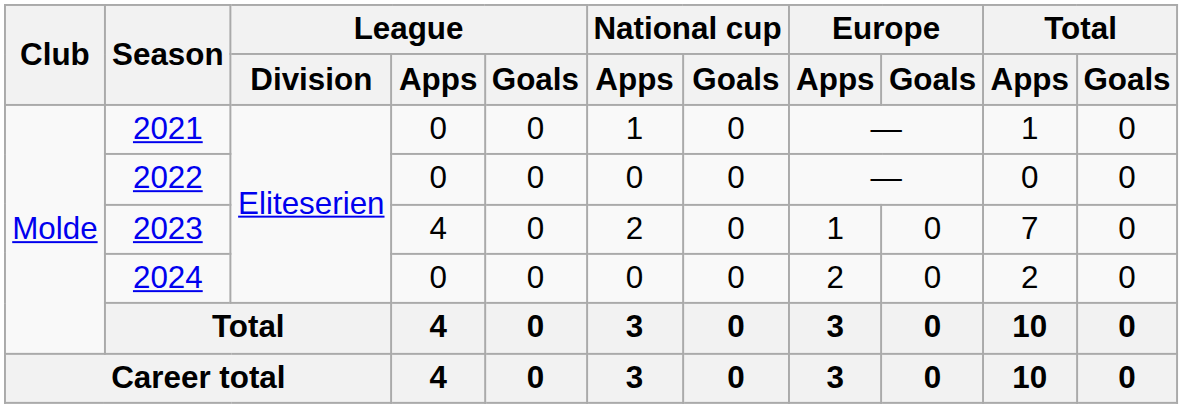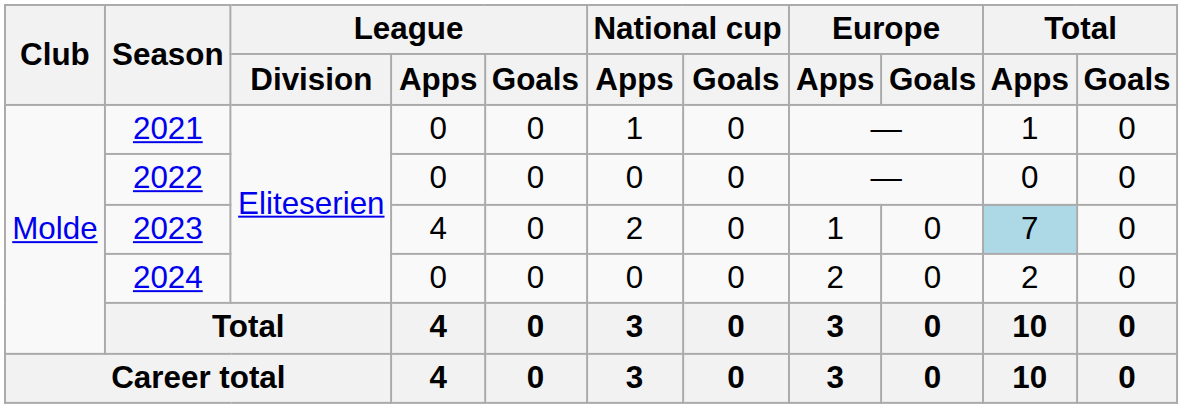 <table class="wikitable" style="text-align: center">
 <tr>
 <th rowspan="2">Club</th>
 <th rowspan="2">Season</th>
 <th colspan="3">League</th>
 <th colspan="2">National cup</th>
 <th colspan="2">Europe</th>
 <th colspan="2">Total</th>
 </tr>
 <tr>
 <th>Division</th>
 <th>Apps</th>
 <th>Goals</th>
 <th>Apps</th>
 <th>Goals</th>
 <th>Apps</th>
 <th>Goals</th>
 <th>Apps</th>
 <th>Goals</th>
 </tr>
 <tr>
 <td rowspan="5"><a href='#'>Molde</a></td>
 <td><a href='#'>2021</a></td>
 <td rowspan="4"><a href='#'>Eliteserien</a></td>
 <td>0</td>
 <td>0</td>
 <td>1</td>
 <td>0</td>
 <td colspan="2">—</td>
 <td>1</td>
 <td>0</td>
 </tr>
 <tr>
 <td><a href='#'>2022</a></td>
 <td>0</td>
 <td>0</td>
 <td>0</td>
 <td>0</td>
 <td colspan="2">—</td>
 <td>0</td>
 <td>0</td>
 </tr>
 <tr>
 <td><a href='#'>2023</a></td>
 <td>4</td>
 <td>0</td>
 <td>2</td>
 <td>0</td>
 <td>1</td>
 <td>0</td>
-<td>7</td>
+<td style="background: lightblue;">7</td>
 <td>0</td>
 </tr>
 <tr>
 <td><a href='#'>2024</a></td>
 <td>0</td>
 <td>0</td>
 <td>0</td>
 <td>0</td>
 <td>2</td>
 <td>0</td>
 <td>2</td>
 <td>0</td>
 </tr>
 <tr>
 <th colspan="2"><strong>Total</strong></th>
 <th>4</th>
 <th>0</th>
 <th>3</th>
 <th>0</th>
 <th>3</th>
 <th>0</th>
 <th>10</th>
 <th>0</th>
 </tr>
 <tr>
 <th colspan="3"><strong>Career total</strong></th>
 <th>4</th>
 <th>0</th>
 <th>3</th>
 <th>0</th>
 <th>3</th>
 <th>0</th>
 <th>10</th>
 <th>0</th>
 </tr>
 </table>
